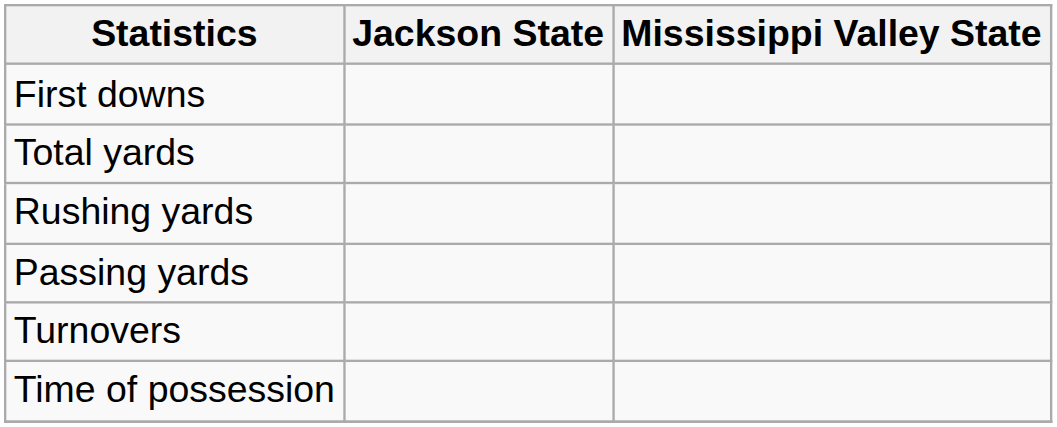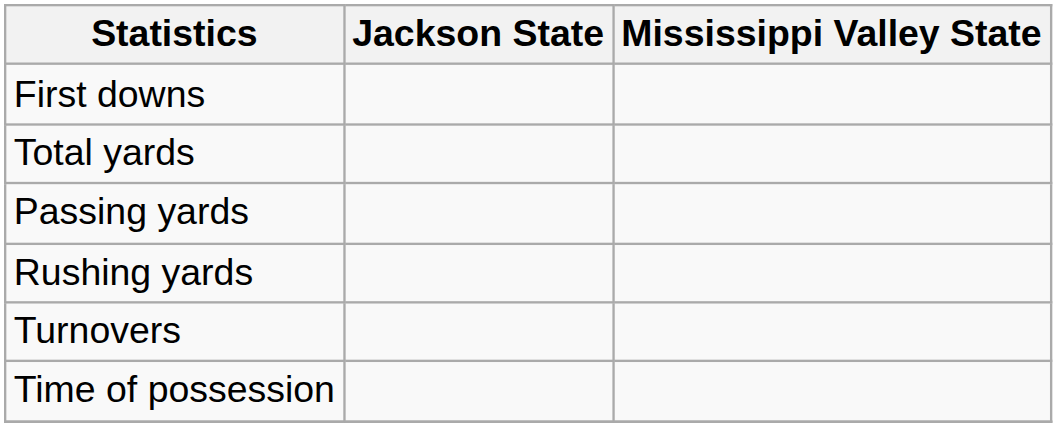 <table class="wikitable">
 <tr>
 <th>Statistics</th>
 <th>Jackson State</th>
 <th>Mississippi Valley State</th>
 </tr>
 <tr>
 <td>First downs</td>
 <td> </td>
 <td> </td>
 </tr>
 <tr>
 <td>Total yards</td>
 <td> </td>
 <td> </td>
 </tr>
 <tr>
-<td>Rushing yards</td>
+<td>Passing yards</td>
 <td> </td>
 <td> </td>
 </tr>
 <tr>
-<td>Passing yards</td>
+<td>Rushing yards</td>
 <td> </td>
 <td> </td>
 </tr>
 <tr>
 <td>Turnovers</td>
 <td> </td>
 <td> </td>
 </tr>
 <tr>
 <td>Time of possession</td>
 <td> </td>
 <td> </td>
 </tr>
 <tr>
 </tr>
 </table>
